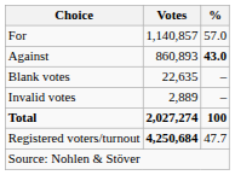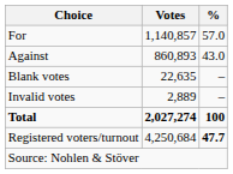 <table class=wikitable style=text-align:right>
 <tr>
 <th>Choice</th>
 <th>Votes</th>
 <th>%</th>
 </tr>
 <tr>
 <td align=left>For</td>
 <td>1,140,857</td>
 <td>57.0</td>
 </tr>
 <tr>
 <td align=left>Against</td>
 <td>860,893</td>
-<td><strong>43.0</strong></td>
+<td>43.0</td>
 </tr>
 <tr>
 <td align=left>Blank votes</td>
 <td>22,635</td>
 <td>–</td>
 </tr>
 <tr>
 <td align=left>Invalid votes</td>
 <td>2,889</td>
 <td>–</td>
 </tr>
 <tr>
 <td align=left><strong>Total</strong></td>
 <td><strong>2,027,274</strong></td>
 <td><strong>100</strong></td>
 </tr>
 <tr>
 <td align=left>Registered voters/turnout</td>
-<td><strong>4,250,684</strong></td>
-<td>47.7</td>
+<td>4,250,684</td>
+<td><strong>47.7</strong></td>
 </tr>
 <tr>
 <td align=left colspan=3>Source: Nohlen & Stöver</td>
 </tr>
 </table>
